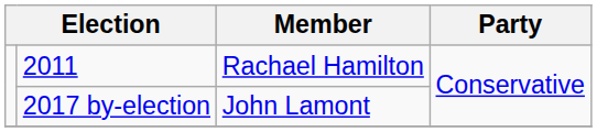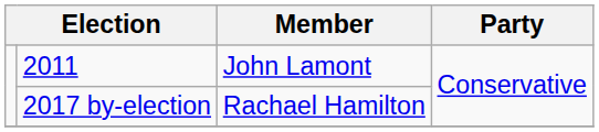 <table class="wikitable">
 <tr>
 <th colspan="2">Election</th>
 <th>Member</th>
 <th>Party</th>
 </tr>
 <tr>
 <td rowspan="2" style="background-color: "></td>
 <td><a href='#'>2011</a></td>
-<td><a href='#'>Rachael Hamilton</a></td>
+<td><a href='#'>John Lamont</a></td>
 <td rowspan="2"><a href='#'>Conservative</a></td>
 </tr>
 <tr>
 <td><a href='#'>2017 by-election</a></td>
-<td><a href='#'>John Lamont</a></td>
+<td><a href='#'>Rachael Hamilton</a></td>
 </tr>
 <tr>
 </tr>
 </table>
